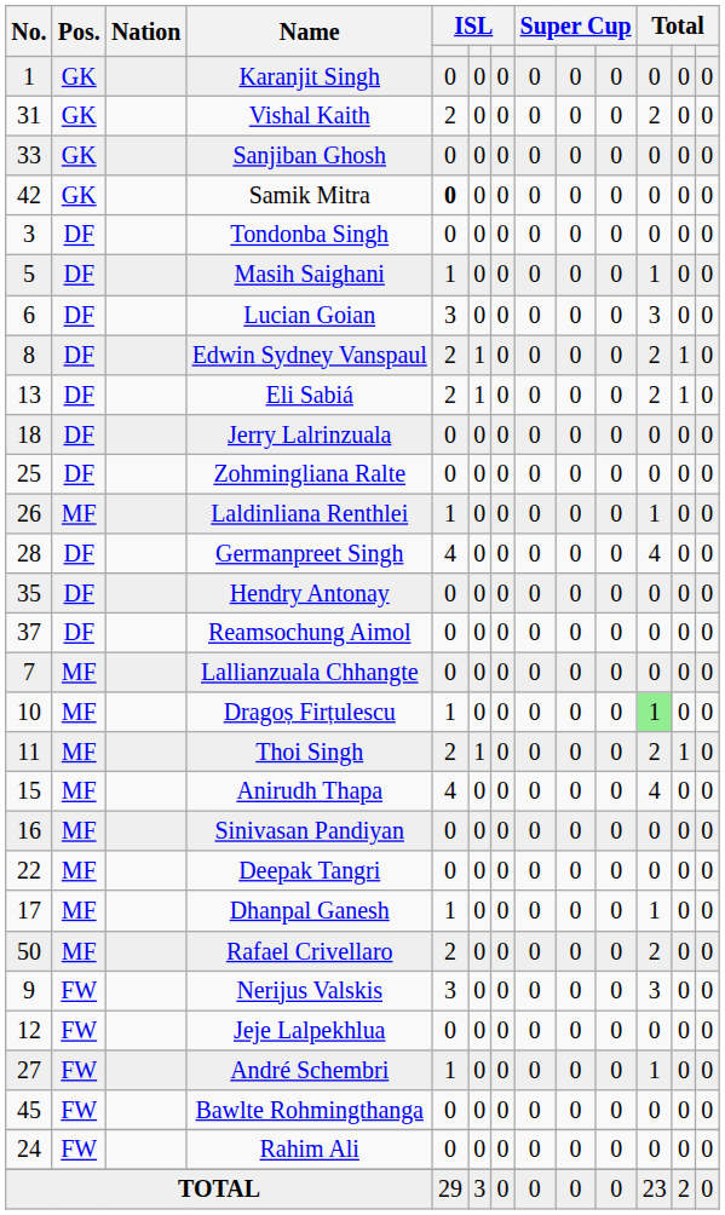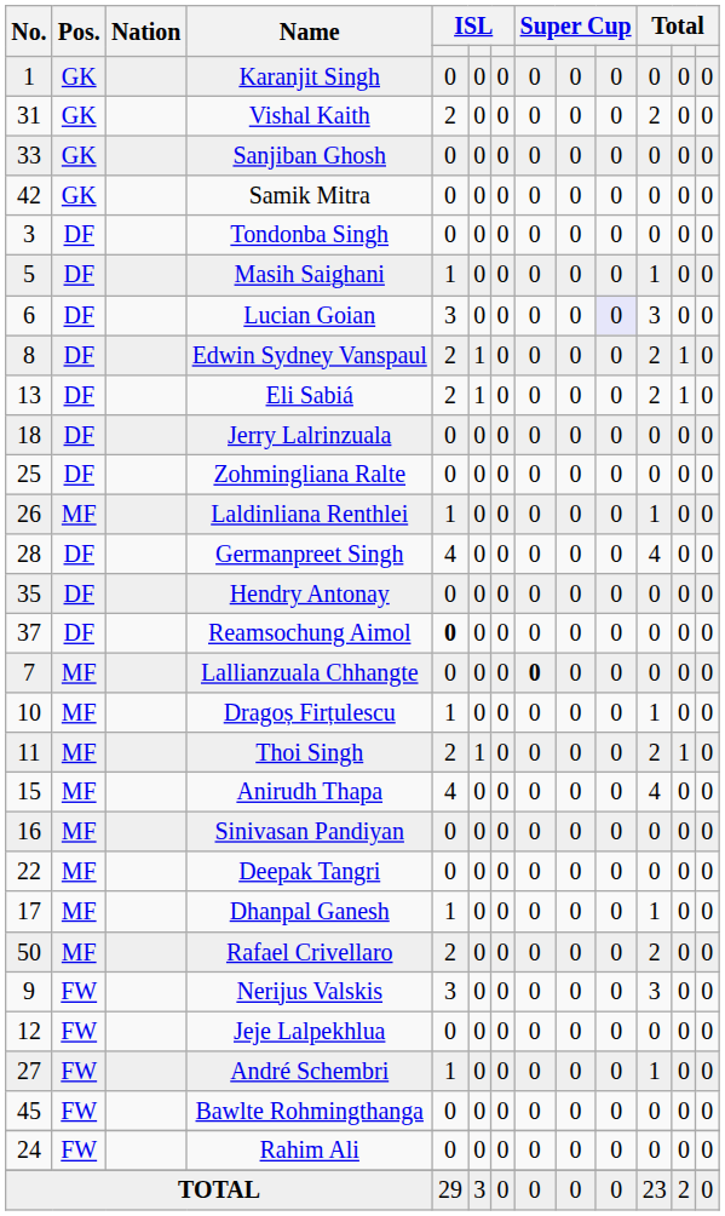 <table class="wikitable sortable" style="font-size: 95%; text-align: center;">
 <tr>
 <th rowspan=2>No.</th>
 <th rowspan=2>Pos.</th>
 <th rowspan=2>Nation</th>
 <th rowspan=2>Name</th>
 <th colspan=3><a href='#'>ISL</a></th>
 <th colspan=3><a href='#'>Super Cup</a></th>
 <th colspan=3>Total</th>
 </tr>
 <tr>
 <th></th>
 <th></th>
 <th></th>
 <th></th>
 <th></th>
 <th></th>
 <th></th>
 <th></th>
 <th></th>
 </tr>
 <tr bgcolor="#efefef">
 <td>1</td>
 <td><a href='#'>GK</a></td>
 <td></td>
 <td><a href='#'>Karanjit Singh</a></td>
 <td>0</td>
 <td>0</td>
 <td>0</td>
 <td>0</td>
 <td>0</td>
 <td>0</td>
 <td>0</td>
 <td>0</td>
 <td>0</td>
 </tr>
 <tr>
 <td>31</td>
 <td><a href='#'>GK</a></td>
 <td></td>
 <td><a href='#'>Vishal Kaith</a></td>
 <td>2</td>
 <td>0</td>
 <td>0</td>
 <td>0</td>
 <td>0</td>
 <td>0</td>
 <td>2</td>
 <td>0</td>
 <td>0</td>
 </tr>
 <tr bgcolor="#efefef">
 <td>33</td>
 <td><a href='#'>GK</a></td>
 <td></td>
 <td><a href='#'>Sanjiban Ghosh</a></td>
 <td>0</td>
 <td>0</td>
 <td>0</td>
 <td>0</td>
 <td>0</td>
 <td>0</td>
 <td>0</td>
 <td>0</td>
 <td>0</td>
 </tr>
 <tr>
 <td>42</td>
 <td><a href='#'>GK</a></td>
 <td></td>
 <td>Samik Mitra</td>
-<td><strong>0</strong></td>
+<td>0</td>
 <td>0</td>
 <td>0</td>
 <td>0</td>
 <td>0</td>
 <td>0</td>
 <td>0</td>
 <td>0</td>
 <td>0</td>
 </tr>
 <tr>
 <td>3</td>
 <td><a href='#'>DF</a></td>
 <td></td>
 <td><a href='#'>Tondonba Singh</a></td>
 <td>0</td>
 <td>0</td>
 <td>0</td>
 <td>0</td>
 <td>0</td>
 <td>0</td>
 <td>0</td>
 <td>0</td>
 <td>0</td>
 </tr>
 <tr bgcolor="#efefef">
 <td>5</td>
 <td><a href='#'>DF</a></td>
 <td></td>
 <td><a href='#'>Masih Saighani</a></td>
 <td>1</td>
 <td>0</td>
 <td>0</td>
 <td>0</td>
 <td>0</td>
 <td>0</td>
 <td>1</td>
 <td>0</td>
 <td>0</td>
 </tr>
 <tr>
 <td>6</td>
 <td><a href='#'>DF</a></td>
 <td></td>
 <td><a href='#'>Lucian Goian</a></td>
 <td>3</td>
 <td>0</td>
 <td>0</td>
 <td>0</td>
 <td>0</td>
-<td>0</td>
+<td style="background: lavender;">0</td>
 <td>3</td>
 <td>0</td>
 <td>0</td>
 </tr>
 <tr bgcolor="#efefef">
 <td>8</td>
 <td><a href='#'>DF</a></td>
 <td></td>
 <td><a href='#'>Edwin Sydney Vanspaul</a></td>
 <td>2</td>
 <td>1</td>
 <td>0</td>
 <td>0</td>
 <td>0</td>
 <td>0</td>
 <td>2</td>
 <td>1</td>
 <td>0</td>
 </tr>
 <tr>
 <td>13</td>
 <td><a href='#'>DF</a></td>
 <td></td>
 <td><a href='#'>Eli Sabiá</a></td>
 <td>2</td>
 <td>1</td>
 <td>0</td>
 <td>0</td>
 <td>0</td>
 <td>0</td>
 <td>2</td>
 <td>1</td>
 <td>0</td>
 </tr>
 <tr bgcolor="#efefef">
 <td>18</td>
 <td><a href='#'>DF</a></td>
 <td></td>
 <td><a href='#'>Jerry Lalrinzuala</a></td>
 <td>0</td>
 <td>0</td>
 <td>0</td>
 <td>0</td>
 <td>0</td>
 <td>0</td>
 <td>0</td>
 <td>0</td>
 <td>0</td>
 </tr>
 <tr>
 <td>25</td>
 <td><a href='#'>DF</a></td>
 <td></td>
 <td><a href='#'>Zohmingliana Ralte</a></td>
 <td>0</td>
 <td>0</td>
 <td>0</td>
 <td>0</td>
 <td>0</td>
 <td>0</td>
 <td>0</td>
 <td>0</td>
 <td>0</td>
 </tr>
 <tr bgcolor="#efefef">
 <td>26</td>
 <td><a href='#'>MF</a></td>
 <td></td>
 <td><a href='#'>Laldinliana Renthlei</a></td>
 <td>1</td>
 <td>0</td>
 <td>0</td>
 <td>0</td>
 <td>0</td>
 <td>0</td>
 <td>1</td>
 <td>0</td>
 <td>0</td>
 </tr>
 <tr>
 <td>28</td>
 <td><a href='#'>DF</a></td>
 <td></td>
 <td><a href='#'>Germanpreet Singh</a></td>
 <td>4</td>
 <td>0</td>
 <td>0</td>
 <td>0</td>
 <td>0</td>
 <td>0</td>
 <td>4</td>
 <td>0</td>
 <td>0</td>
 </tr>
 <tr bgcolor="#efefef">
 <td>35</td>
 <td><a href='#'>DF</a></td>
 <td></td>
 <td><a href='#'>Hendry Antonay</a></td>
 <td>0</td>
 <td>0</td>
 <td>0</td>
 <td>0</td>
 <td>0</td>
 <td>0</td>
 <td>0</td>
 <td>0</td>
 <td>0</td>
 </tr>
 <tr>
 <td>37</td>
 <td><a href='#'>DF</a></td>
 <td></td>
 <td><a href='#'>Reamsochung Aimol</a></td>
-<td>0</td>
+<td><strong>0</strong></td>
 <td>0</td>
 <td>0</td>
 <td>0</td>
 <td>0</td>
 <td>0</td>
 <td>0</td>
 <td>0</td>
 <td>0</td>
 </tr>
 <tr bgcolor="#efefef">
 <td>7</td>
 <td><a href='#'>MF</a></td>
 <td></td>
 <td><a href='#'>Lallianzuala Chhangte</a></td>
 <td>0</td>
 <td>0</td>
 <td>0</td>
-<td>0</td>
+<td><strong>0</strong></td>
 <td>0</td>
 <td>0</td>
 <td>0</td>
 <td>0</td>
 <td>0</td>
 </tr>
 <tr>
 <td>10</td>
 <td><a href='#'>MF</a></td>
 <td></td>
 <td><a href='#'>Dragoș Firțulescu</a></td>
 <td>1</td>
 <td>0</td>
 <td>0</td>
 <td>0</td>
 <td>0</td>
 <td>0</td>
-<td style="background: lightgreen;">1</td>
+<td>1</td>
 <td>0</td>
 <td>0</td>
 </tr>
 <tr bgcolor="#efefef">
 <td>11</td>
 <td><a href='#'>MF</a></td>
 <td></td>
 <td><a href='#'>Thoi Singh</a></td>
 <td>2</td>
 <td>1</td>
 <td>0</td>
 <td>0</td>
 <td>0</td>
 <td>0</td>
 <td>2</td>
 <td>1</td>
 <td>0</td>
 </tr>
 <tr>
 <td>15</td>
 <td><a href='#'>MF</a></td>
 <td></td>
 <td><a href='#'>Anirudh Thapa</a></td>
 <td>4</td>
 <td>0</td>
 <td>0</td>
 <td>0</td>
 <td>0</td>
 <td>0</td>
 <td>4</td>
 <td>0</td>
 <td>0</td>
 </tr>
 <tr bgcolor="#efefef">
 <td>16</td>
 <td><a href='#'>MF</a></td>
 <td></td>
 <td><a href='#'>Sinivasan Pandiyan</a></td>
 <td>0</td>
 <td>0</td>
 <td>0</td>
 <td>0</td>
 <td>0</td>
 <td>0</td>
 <td>0</td>
 <td>0</td>
 <td>0</td>
 </tr>
 <tr>
 <td>22</td>
 <td><a href='#'>MF</a></td>
 <td></td>
 <td><a href='#'>Deepak Tangri</a></td>
 <td>0</td>
 <td>0</td>
 <td>0</td>
 <td>0</td>
 <td>0</td>
 <td>0</td>
 <td>0</td>
 <td>0</td>
 <td>0</td>
 </tr>
 <tr>
 <td>17</td>
 <td><a href='#'>MF</a></td>
 <td></td>
 <td><a href='#'>Dhanpal Ganesh</a></td>
 <td>1</td>
 <td>0</td>
 <td>0</td>
 <td>0</td>
 <td>0</td>
 <td>0</td>
 <td>1</td>
 <td>0</td>
 <td>0</td>
 </tr>
 <tr bgcolor="#efefef">
 <td>50</td>
 <td><a href='#'>MF</a></td>
 <td></td>
 <td><a href='#'>Rafael Crivellaro</a></td>
 <td>2</td>
 <td>0</td>
 <td>0</td>
 <td>0</td>
 <td>0</td>
 <td>0</td>
 <td>2</td>
 <td>0</td>
 <td>0</td>
 </tr>
 <tr>
 <td>9</td>
 <td><a href='#'>FW</a></td>
 <td></td>
 <td><a href='#'>Nerijus Valskis</a></td>
 <td>3</td>
 <td>0</td>
 <td>0</td>
 <td>0</td>
 <td>0</td>
 <td>0</td>
 <td>3</td>
 <td>0</td>
 <td>0</td>
 </tr>
 <tr>
 <td>12</td>
 <td><a href='#'>FW</a></td>
 <td></td>
 <td><a href='#'>Jeje Lalpekhlua</a></td>
 <td>0</td>
 <td>0</td>
 <td>0</td>
 <td>0</td>
 <td>0</td>
 <td>0</td>
 <td>0</td>
 <td>0</td>
 <td>0</td>
 </tr>
 <tr bgcolor="#efefef">
 <td>27</td>
 <td><a href='#'>FW</a></td>
 <td></td>
 <td><a href='#'>André Schembri</a></td>
 <td>1</td>
 <td>0</td>
 <td>0</td>
 <td>0</td>
 <td>0</td>
 <td>0</td>
 <td>1</td>
 <td>0</td>
 <td>0</td>
 </tr>
 <tr>
 <td>45</td>
 <td><a href='#'>FW</a></td>
 <td></td>
 <td><a href='#'>Bawlte Rohmingthanga</a></td>
 <td>0</td>
 <td>0</td>
 <td>0</td>
 <td>0</td>
 <td>0</td>
 <td>0</td>
 <td>0</td>
 <td>0</td>
 <td>0</td>
 </tr>
 <tr bgcolor="#efefef">
 </tr>
 <tr>
 <td>24</td>
 <td><a href='#'>FW</a></td>
 <td></td>
 <td><a href='#'>Rahim Ali</a></td>
 <td>0</td>
 <td>0</td>
 <td>0</td>
 <td>0</td>
 <td>0</td>
 <td>0</td>
 <td>0</td>
 <td>0</td>
 <td>0</td>
 </tr>
 <tr bgcolor="#efefef">
 </tr>
 <tr bgcolor="#efefef">
 <td colspan=4><strong>TOTAL</strong></td>
 <td>29</td>
 <td>3</td>
 <td>0</td>
 <td>0</td>
 <td>0</td>
 <td>0</td>
 <td>23</td>
 <td>2</td>
 <td>0</td>
 </tr>
 </table>
